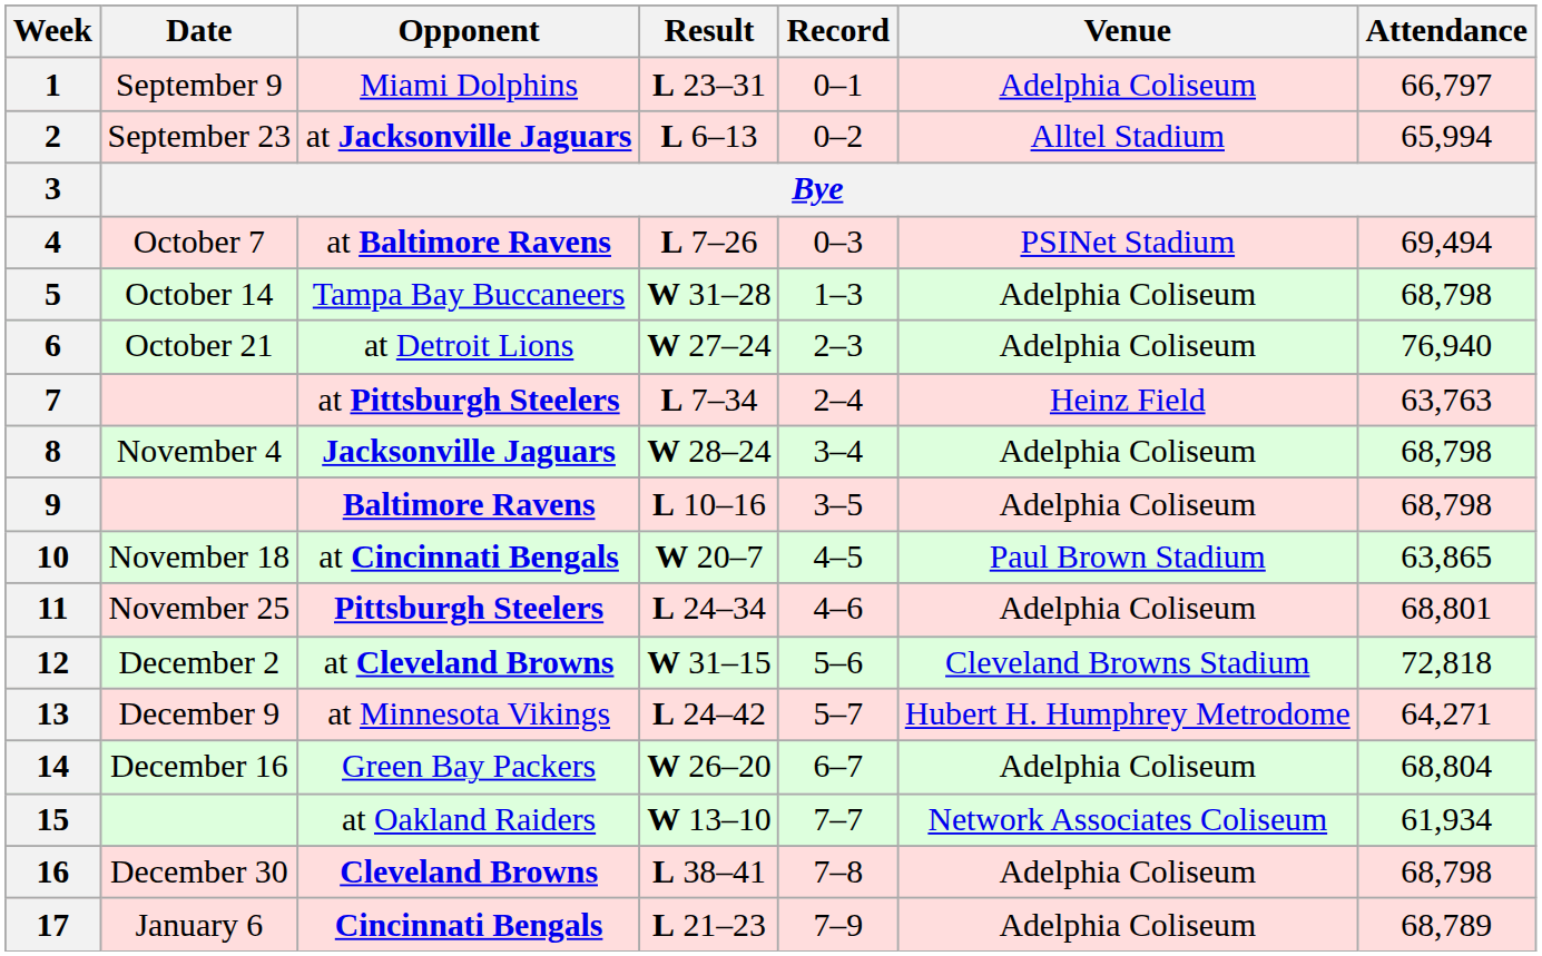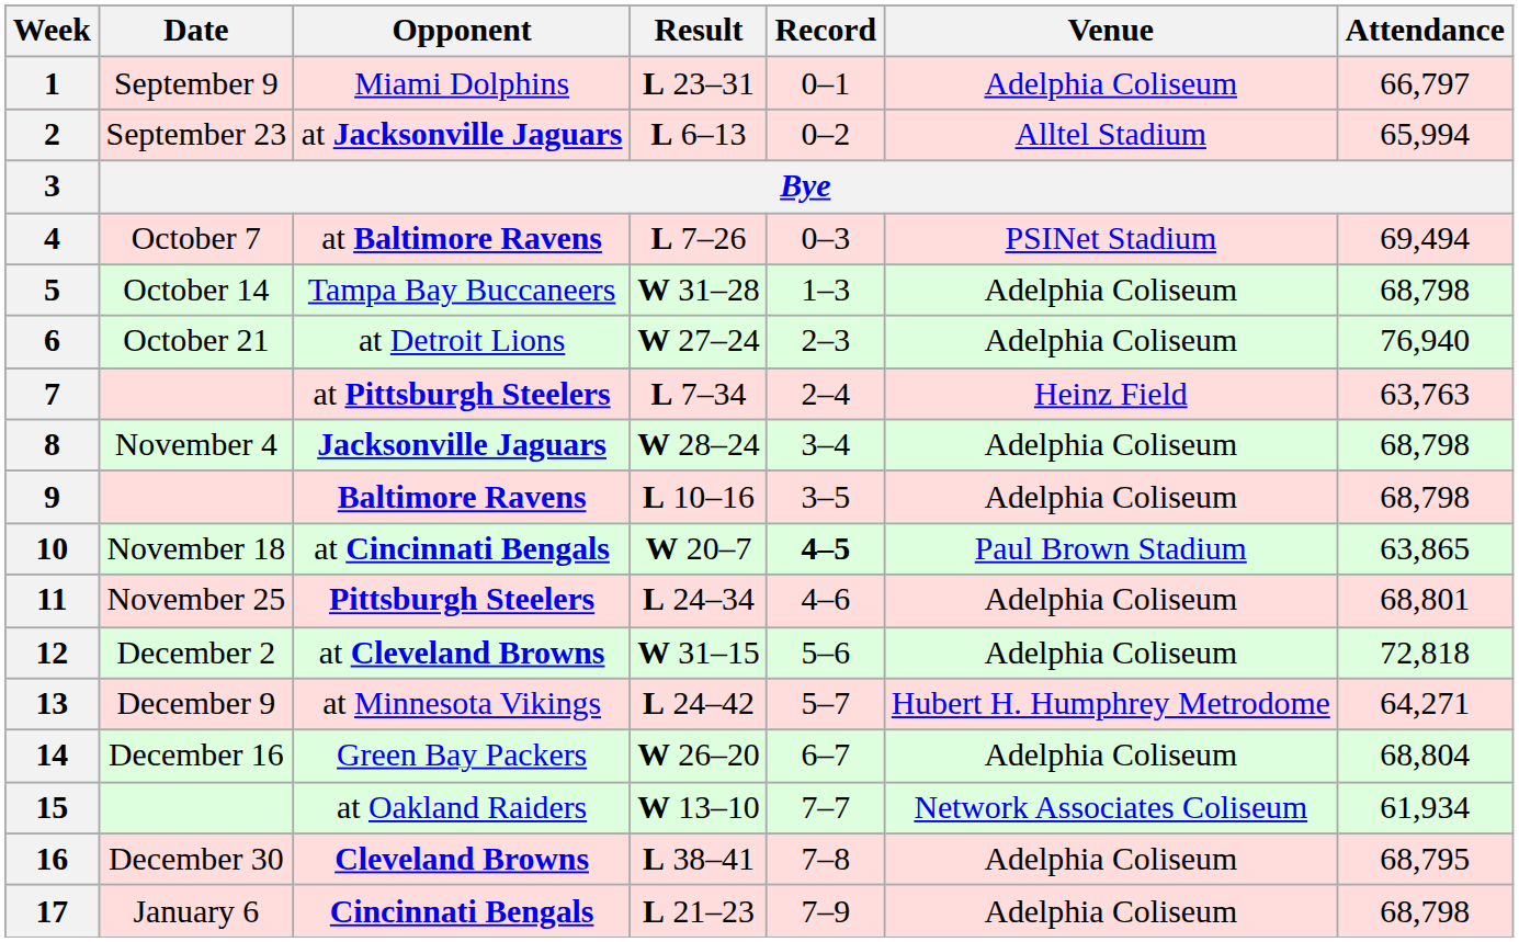 <table class="wikitable" style="text-align:center">
 <tr>
 <th>Week</th>
 <th>Date</th>
 <th>Opponent</th>
 <th>Result</th>
 <th>Record</th>
 <th>Venue</th>
 <th>Attendance</th>
 </tr>
 <tr style="background: #ffdddd;">
 <th>1</th>
 <td>September 9</td>
 <td><a href='#'>Miami Dolphins</a></td>
 <td><strong>L</strong> 23–31</td>
 <td>0–1</td>
 <td><a href='#'>Adelphia Coliseum</a></td>
 <td>66,797</td>
 </tr>
 <tr style="background: #ffdddd;">
 <th>2</th>
 <td>September 23</td>
 <td>at <strong><a href='#'>Jacksonville Jaguars</a></strong></td>
 <td><strong>L</strong> 6–13</td>
 <td>0–2</td>
 <td><a href='#'>Alltel Stadium</a></td>
 <td>65,994</td>
 </tr>
 <tr>
 <th>3</th>
 <th colspan=6><em><a href='#'>Bye</a></em></th>
 </tr>
 <tr style="background: #ffdddd;">
 <th>4</th>
 <td>October 7</td>
 <td>at <strong><a href='#'>Baltimore Ravens</a></strong></td>
 <td><strong>L</strong> 7–26</td>
 <td>0–3</td>
 <td><a href='#'>PSINet Stadium</a></td>
 <td>69,494</td>
 </tr>
 <tr style="background: #ddffdd;">
 <th>5</th>
 <td>October 14</td>
 <td><a href='#'>Tampa Bay Buccaneers</a></td>
 <td><strong>W</strong> 31–28</td>
 <td>1–3</td>
 <td>Adelphia Coliseum</td>
 <td>68,798</td>
 </tr>
 <tr style="background: #ddffdd;">
 <th>6</th>
 <td>October 21</td>
 <td>at <a href='#'>Detroit Lions</a></td>
 <td><strong>W</strong> 27–24</td>
 <td>2–3</td>
 <td>Adelphia Coliseum</td>
 <td>76,940</td>
 </tr>
 <tr style="background: #ffdddd;">
 <th>7</th>
 <td></td>
 <td>at <strong><a href='#'>Pittsburgh Steelers</a></strong></td>
 <td><strong>L</strong> 7–34</td>
 <td>2–4</td>
 <td><a href='#'>Heinz Field</a></td>
 <td>63,763</td>
 </tr>
 <tr style="background: #ddffdd;">
 <th>8</th>
 <td>November 4</td>
 <td><strong><a href='#'>Jacksonville Jaguars</a></strong></td>
 <td><strong>W</strong> 28–24</td>
 <td>3–4</td>
 <td>Adelphia Coliseum</td>
 <td>68,798</td>
 </tr>
 <tr style="background: #ffdddd;">
 <th>9</th>
 <td></td>
 <td><strong><a href='#'>Baltimore Ravens</a></strong></td>
 <td><strong>L</strong> 10–16</td>
 <td>3–5</td>
 <td>Adelphia Coliseum</td>
 <td>68,798</td>
 </tr>
 <tr style="background: #ddffdd;">
 <th>10</th>
 <td>November 18</td>
 <td>at <strong><a href='#'>Cincinnati Bengals</a></strong></td>
 <td><strong>W</strong> 20–7</td>
-<td>4–5</td>
+<td><strong>4–5</strong></td>
 <td><a href='#'>Paul Brown Stadium</a></td>
 <td>63,865</td>
 </tr>
 <tr style="background: #ffdddd;">
 <th>11</th>
 <td>November 25</td>
 <td><strong><a href='#'>Pittsburgh Steelers</a></strong></td>
 <td><strong>L</strong> 24–34</td>
 <td>4–6</td>
 <td>Adelphia Coliseum</td>
 <td>68,801</td>
 </tr>
 <tr style="background: #ddffdd;">
 <th>12</th>
 <td>December 2</td>
 <td>at <strong><a href='#'>Cleveland Browns</a></strong></td>
 <td><strong>W</strong> 31–15</td>
 <td>5–6</td>
-<td><a href='#'>Cleveland Browns Stadium</a></td>
+<td>Adelphia Coliseum</td>
 <td>72,818</td>
 </tr>
 <tr style="background: #ffdddd;">
 <th>13</th>
 <td>December 9</td>
 <td>at <a href='#'>Minnesota Vikings</a></td>
 <td><strong>L</strong> 24–42</td>
 <td>5–7</td>
 <td><a href='#'>Hubert H. Humphrey Metrodome</a></td>
 <td>64,271</td>
 </tr>
 <tr style="background: #ddffdd;">
 <th>14</th>
 <td>December 16</td>
 <td><a href='#'>Green Bay Packers</a></td>
 <td><strong>W</strong> 26–20</td>
 <td>6–7</td>
 <td>Adelphia Coliseum</td>
 <td>68,804</td>
 </tr>
 <tr style="background: #ddffdd;">
 <th>15</th>
 <td></td>
 <td>at <a href='#'>Oakland Raiders</a></td>
 <td><strong>W</strong> 13–10</td>
 <td>7–7</td>
 <td><a href='#'>Network Associates Coliseum</a></td>
 <td>61,934</td>
 </tr>
 <tr style="background: #ffdddd;">
 <th>16</th>
 <td>December 30</td>
 <td><strong><a href='#'>Cleveland Browns</a></strong></td>
 <td><strong>L</strong> 38–41</td>
 <td>7–8</td>
 <td>Adelphia Coliseum</td>
-<td>68,798</td>
+<td>68,795</td>
 </tr>
 <tr style="background: #ffdddd;">
 <th>17</th>
 <td>January 6</td>
 <td><strong><a href='#'>Cincinnati Bengals</a></strong></td>
 <td><strong>L</strong> 21–23</td>
 <td>7–9</td>
 <td>Adelphia Coliseum</td>
-<td>68,789</td>
+<td>68,798</td>
 </tr>
 </table>
